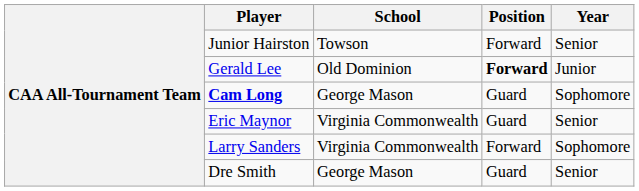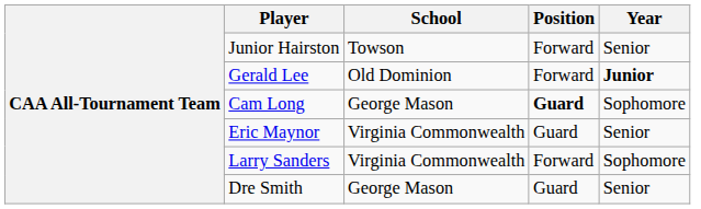 <table class="wikitable" border="1">
 <tr>
 <th rowspan=7 valign=middle>CAA All-Tournament Team</th>
 <th>Player</th>
 <th>School</th>
 <th>Position</th>
 <th>Year</th>
 </tr>
 <tr>
 <td>Junior Hairston</td>
 <td>Towson</td>
 <td>Forward</td>
 <td>Senior</td>
 </tr>
 <tr>
 <td><a href='#'>Gerald Lee</a></td>
 <td>Old Dominion</td>
-<td><strong>Forward</strong></td>
-<td>Junior</td>
+<td>Forward</td>
+<td><strong>Junior</strong></td>
 </tr>
 <tr>
-<td><strong><a href='#'>Cam Long</a></strong></td>
+<td><a href='#'>Cam Long</a></td>
 <td>George Mason</td>
-<td>Guard</td>
+<td><strong>Guard</strong></td>
 <td>Sophomore</td>
 </tr>
 <tr>
 <td><a href='#'>Eric Maynor</a></td>
 <td>Virginia Commonwealth</td>
 <td>Guard</td>
 <td>Senior</td>
 </tr>
 <tr>
 <td><a href='#'>Larry Sanders</a></td>
 <td>Virginia Commonwealth</td>
 <td>Forward</td>
 <td>Sophomore</td>
 </tr>
 <tr>
 <td>Dre Smith</td>
 <td>George Mason</td>
 <td>Guard</td>
 <td>Senior</td>
 </tr>
 </table>
